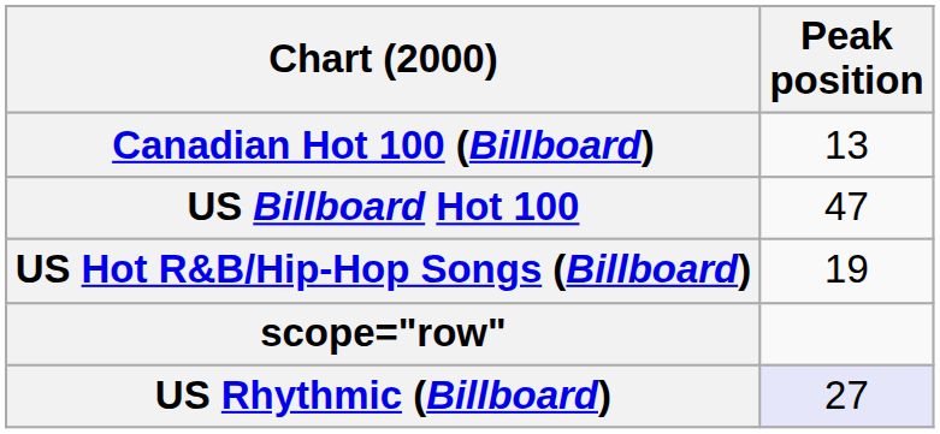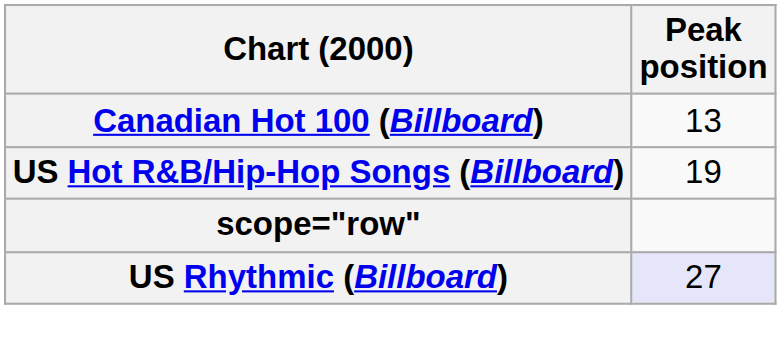 <table class="wikitable plainrowheaders sortable" style="text-align:center;">
 <tr>
 <th scope="col">Chart (2000)</th>
 <th scope="col">Peak<br>position</th>
 </tr>
 <tr>
 <th scope="row"><a href='#'>Canadian Hot 100</a> (<a href='#'><em>Billboard</em></a>)</th>
 <td align="center">13</td>
-</tr>
-<tr>
-<th scope="row">US <a href='#'><em>Billboard</em></a> <a href='#'>Hot 100</a></th>
-<td align="center">47</td>
 </tr>
 <tr>
 <th scope="row">US <a href='#'>Hot R&B/Hip-Hop Songs</a> (<a href='#'><em>Billboard</em></a>)</th>
 <td align="center">19</td>
 </tr>
 <tr>
 <th>scope="row" </th>
 </tr>
 <tr>
 <th scope="row">US <a href='#'>Rhythmic</a> (<a href='#'><em>Billboard</em></a>)</th>
 <td align="center" style="background: lavender;">27</td>
 </tr>
 </table>
